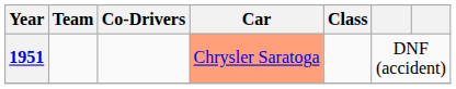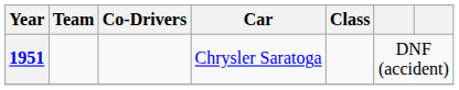 <table class="wikitable" style="text-align:center; font-size:90%">
 <tr>
 <th>Year</th>
 <th>Team</th>
 <th>Co-Drivers</th>
 <th>Car</th>
 <th>Class</th>
 <th></th>
 <th></th>
 </tr>
 <tr>
 <th><a href='#'>1951</a></th>
 <td align="left"></td>
 <td align="left"></td>
-<td align="left" style="background: lightsalmon;"><a href='#'>Chrysler Saratoga</a></td>
+<td align="left"><a href='#'>Chrysler Saratoga</a></td>
 <td></td>
 <td colspan=2>DNF<br>(accident)</td>
 </tr>
 <tr>
 </tr>
 </table>
